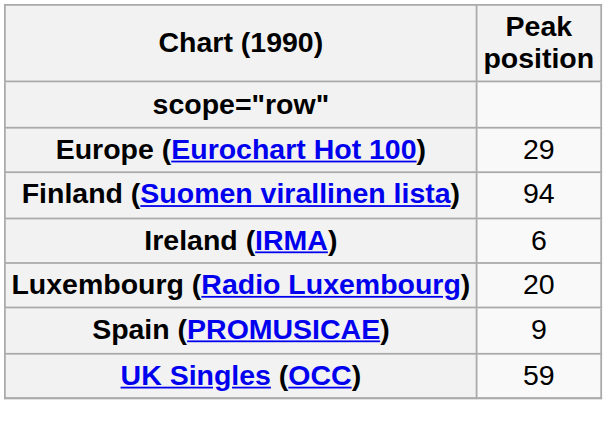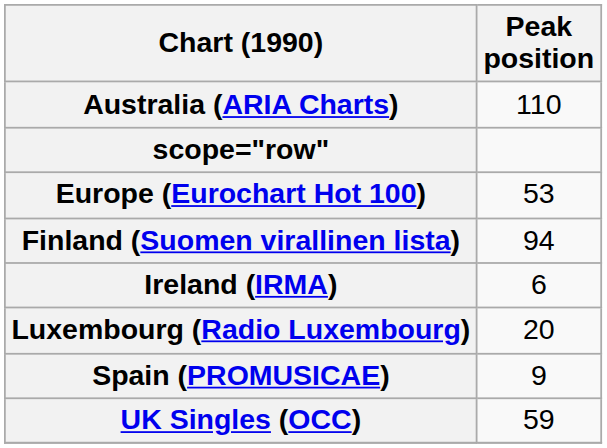 <table class="wikitable sortable plainrowheaders">
 <tr>
 <th>Chart (1990)</th>
 <th>Peak<br>position</th>
 </tr>
 <tr>
+<th scope="row">Australia (<a href='#'>ARIA Charts</a>)</th>
+<td align="center">110</td>
+</tr>
+<tr>
 <th>scope="row"</th>
 </tr>
 <tr>
 <th scope="row">Europe (<a href='#'>Eurochart Hot 100</a>)</th>
-<td align="center">29</td>
+<td align="center">53</td>
 </tr>
 <tr>
 <th scope="row">Finland (<a href='#'>Suomen virallinen lista</a>)</th>
 <td align="center">94</td>
 </tr>
 <tr>
 <th scope="row">Ireland (<a href='#'>IRMA</a>)</th>
 <td align="center">6</td>
 </tr>
 <tr>
 <th scope="row">Luxembourg (<a href='#'>Radio Luxembourg</a>)</th>
 <td align="center">20</td>
 </tr>
 <tr>
 <th scope="row">Spain (<a href='#'>PROMUSICAE</a>)</th>
 <td align="center">9</td>
 </tr>
 <tr>
 <th scope="row"><a href='#'>UK Singles</a> (<a href='#'>OCC</a>)</th>
 <td align="center">59</td>
 </tr>
 <tr>
 </tr>
 </table>
